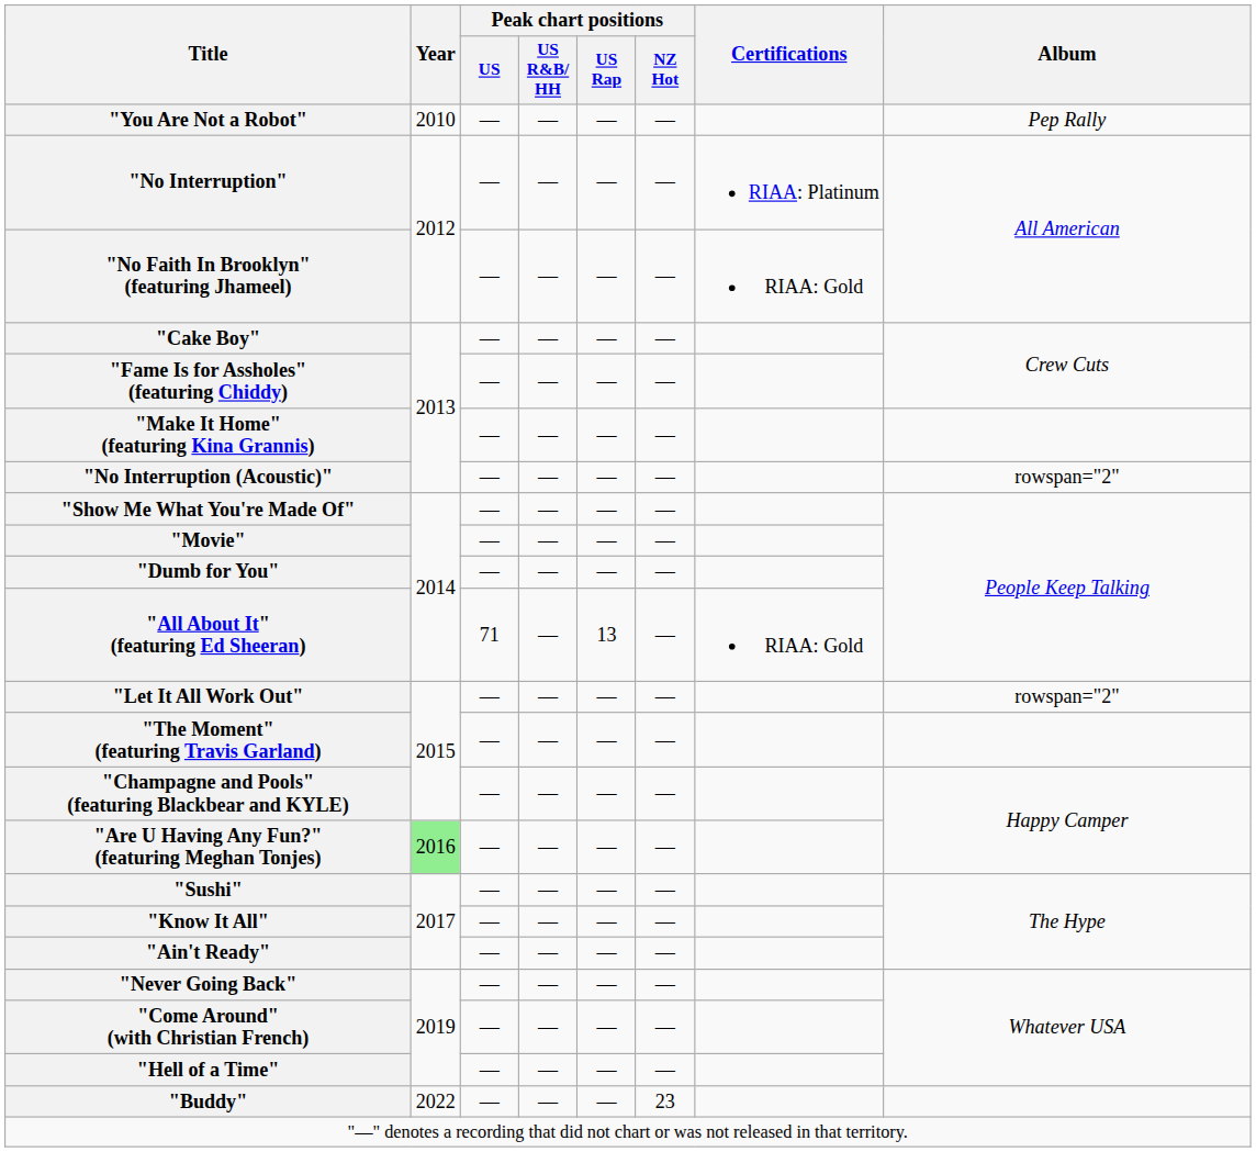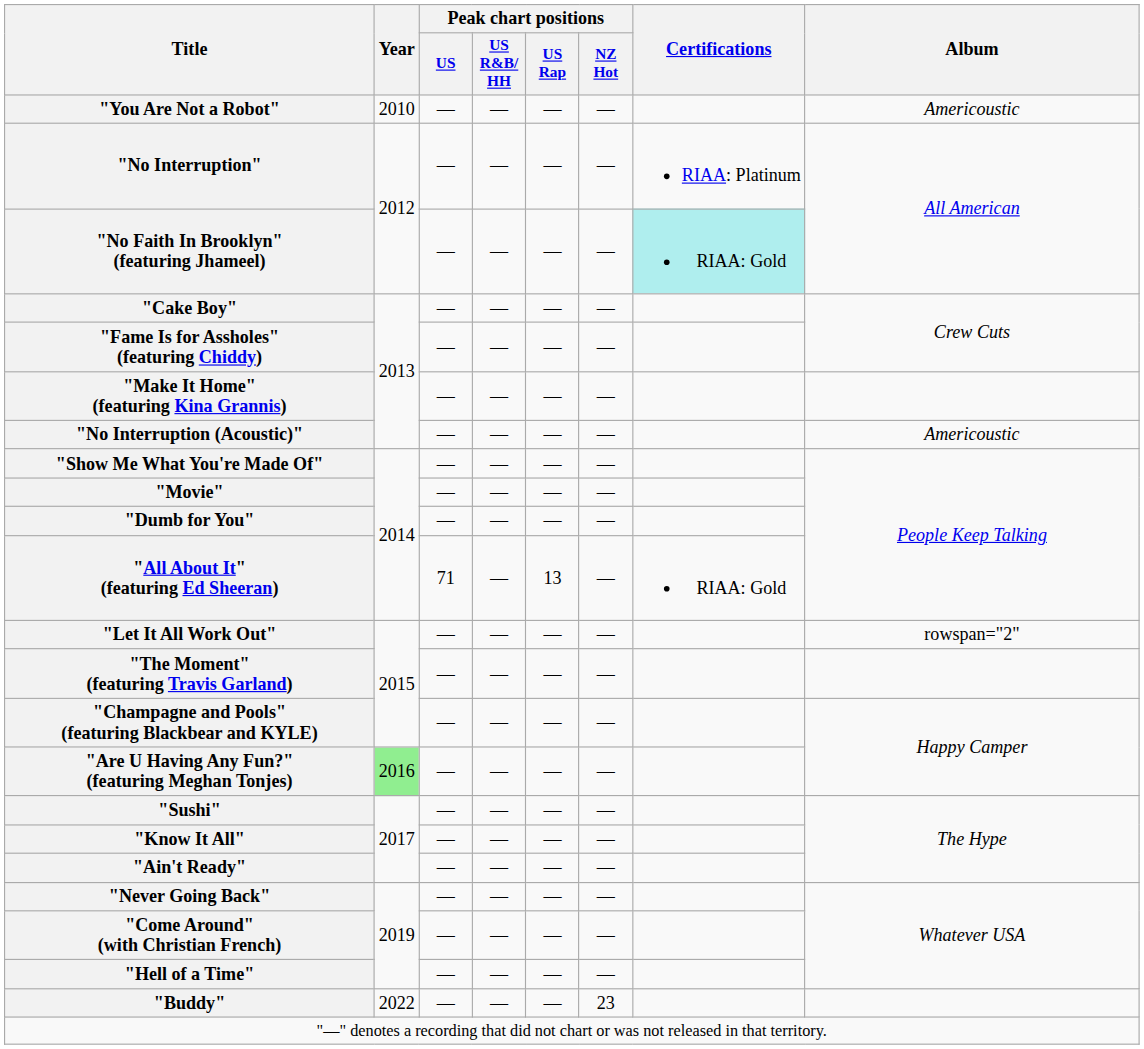 <table class="wikitable plainrowheaders" style="text-align:center;" border="1">
 <tr>
 <th scope="col" rowspan="2" style="width:20em;">Title</th>
 <th scope="col" rowspan="2" style="width:1em;">Year</th>
 <th scope="col" colspan="4">Peak chart positions</th>
 <th scope="col" rowspan="2"><a href='#'>Certifications</a></th>
 <th scope="col" rowspan="2" style="width:18em;">Album</th>
 </tr>
 <tr>
 <th scope="col" style="width:3em; font-size:85%;"><a href='#'>US</a><br></th>
 <th scope="col" style="width:3em; font-size:85%;"><a href='#'>US<br>R&B/<br>HH</a><br></th>
 <th scope="col" style="width:3em; font-size:85%;"><a href='#'>US<br>Rap</a><br></th>
 <th scope="col" style="width:3em; font-size:85%;"><a href='#'>NZ<br>Hot</a><br></th>
 </tr>
 <tr>
 <th scope="row">"You Are Not a Robot"</th>
 <td>2010</td>
 <td>—</td>
 <td>—</td>
 <td>—</td>
 <td>—</td>
 <td></td>
-<td><em>Pep Rally</em></td>
+<td><em>Americoustic</em></td>
 </tr>
 <tr>
 <th scope="row">"No Interruption"</th>
 <td rowspan="2">2012</td>
 <td>—</td>
 <td>—</td>
 <td>—</td>
 <td>—</td>
 <td><br><ul><li><a href='#'>RIAA</a>: Platinum</li></ul></td>
 <td rowspan="2"><em><a href='#'>All American</a></em></td>
 </tr>
 <tr>
 <th scope="row">"No Faith In Brooklyn"<br><span>(featuring Jhameel)</span></th>
 <td>—</td>
 <td>—</td>
 <td>—</td>
 <td>—</td>
-<td><br><ul><li>RIAA: Gold</li></ul></td>
+<td style="background: paleturquoise;"><br><ul><li>RIAA: Gold</li></ul></td>
 </tr>
 <tr>
 <th scope="row">"Cake Boy"</th>
 <td rowspan="4">2013</td>
 <td>—</td>
 <td>—</td>
 <td>—</td>
 <td>—</td>
 <td></td>
 <td rowspan="2"><em>Crew Cuts</em></td>
 </tr>
 <tr>
 <th scope="row">"Fame Is for Assholes"<br><span>(featuring <a href='#'>Chiddy</a>)</span></th>
 <td>—</td>
 <td>—</td>
 <td>—</td>
 <td>—</td>
 <td></td>
 </tr>
 <tr>
 <th scope="row">"Make It Home"<br><span>(featuring <a href='#'>Kina Grannis</a>)</span></th>
 <td>—</td>
 <td>—</td>
 <td>—</td>
 <td>—</td>
 <td></td>
 <td></td>
 </tr>
 <tr>
 <th scope="row">"No Interruption (Acoustic)"</th>
 <td>—</td>
 <td>—</td>
 <td>—</td>
 <td>—</td>
 <td></td>
-<td>rowspan="2" </td>
+<td><em>Americoustic</em></td>
 </tr>
 <tr>
 <th scope="row">"Show Me What You're Made Of"</th>
 <td rowspan="4">2014</td>
 <td>—</td>
 <td>—</td>
 <td>—</td>
 <td>—</td>
 <td></td>
 <td rowspan="4"><em><a href='#'>People Keep Talking</a></em></td>
 </tr>
 <tr>
 <th scope="row">"Movie"</th>
 <td>—</td>
 <td>—</td>
 <td>—</td>
 <td>—</td>
 <td></td>
 </tr>
 <tr>
 <th scope="row">"Dumb for You"</th>
 <td>—</td>
 <td>—</td>
 <td>—</td>
 <td>—</td>
 <td></td>
 </tr>
 <tr>
 <th scope="row">"<a href='#'>All About It</a>"<br><span>(featuring <a href='#'>Ed Sheeran</a>)</span></th>
 <td>71</td>
 <td>—</td>
 <td>13</td>
 <td>—</td>
 <td><br><ul><li>RIAA: Gold</li></ul></td>
 </tr>
 <tr>
 <th scope="row">"Let It All Work Out"</th>
 <td rowspan="3">2015</td>
 <td>—</td>
 <td>—</td>
 <td>—</td>
 <td>—</td>
 <td></td>
 <td>rowspan="2" </td>
 </tr>
 <tr>
 <th scope="row">"The Moment"<br><span>(featuring <a href='#'>Travis Garland</a>)</span></th>
 <td>—</td>
 <td>—</td>
 <td>—</td>
 <td>—</td>
 <td></td>
 </tr>
 <tr>
 <th scope="row">"Champagne and Pools"<br><span>(featuring Blackbear and KYLE)</span></th>
 <td>—</td>
 <td>—</td>
 <td>—</td>
 <td>—</td>
 <td></td>
 <td rowspan="2"><em>Happy Camper</em></td>
 </tr>
 <tr>
 <th scope="row">"Are U Having Any Fun?"<br><span>(featuring Meghan Tonjes)</span></th>
 <td style="background: lightgreen;">2016</td>
 <td>—</td>
 <td>—</td>
 <td>—</td>
 <td>—</td>
 <td></td>
 </tr>
 <tr>
 <th scope="row">"Sushi"</th>
 <td rowspan="3">2017</td>
 <td>—</td>
 <td>—</td>
 <td>—</td>
 <td>—</td>
 <td></td>
 <td rowspan="3"><em>The Hype</em></td>
 </tr>
 <tr>
 <th scope="row">"Know It All"</th>
 <td>—</td>
 <td>—</td>
 <td>—</td>
 <td>—</td>
 <td></td>
 </tr>
 <tr>
 <th scope="row">"Ain't Ready"</th>
 <td>—</td>
 <td>—</td>
 <td>—</td>
 <td>—</td>
 <td></td>
 </tr>
 <tr>
 <th scope="row">"Never Going Back"</th>
 <td rowspan="3">2019</td>
 <td>—</td>
 <td>—</td>
 <td>—</td>
 <td>—</td>
 <td></td>
 <td rowspan="3"><em>Whatever USA</em></td>
 </tr>
 <tr>
 <th scope="row">"Come Around"<br><span>(with Christian French)</span></th>
 <td>—</td>
 <td>—</td>
 <td>—</td>
 <td>—</td>
 <td></td>
 </tr>
 <tr>
 <th scope="row">"Hell of a Time"</th>
 <td>—</td>
 <td>—</td>
 <td>—</td>
 <td>—</td>
 <td></td>
 </tr>
 <tr>
 <th scope="row">"Buddy"<br></th>
 <td>2022</td>
 <td>—</td>
 <td>—</td>
 <td>—</td>
 <td>23</td>
 <td></td>
 <td></td>
 </tr>
 <tr>
 <td colspan="11" style="font-size:90%;">"—" denotes a recording that did not chart or was not released in that territory.</td>
 </tr>
 </table>
